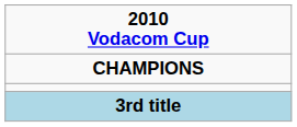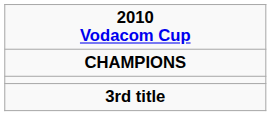 <table class="wikitable" style="text-align: center; margin: 0 auto; width: 20%">
 <tr>
 <td><strong>2010</strong> <br> <strong><a href='#'>Vodacom Cup</a></strong></td>
 </tr>
 <tr>
 <td><strong>CHAMPIONS</strong></td>
 </tr>
 <tr>
 <td><strong></strong></td>
 </tr>
 <tr>
-<td style="background: lightblue;"><strong>3rd title </strong></td>
+<td><strong>3rd title </strong></td>
 </tr>
 </table>
